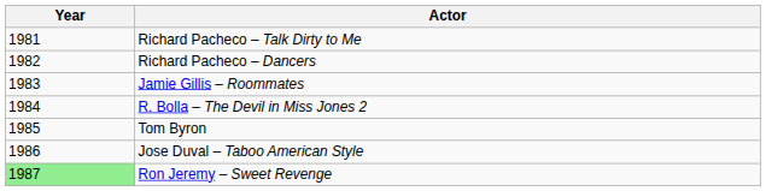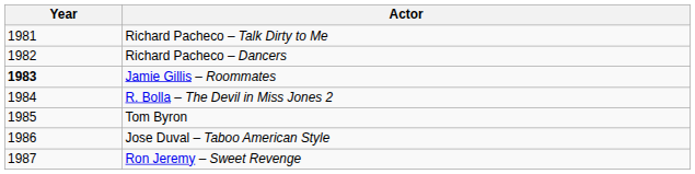 <table class=wikitable width="67%">
 <tr>
 <th width="15">Year</th>
 <th width="200">Actor</th>
 </tr>
 <tr>
 <td>1981</td>
 <td>Richard Pacheco – <em>Talk Dirty to Me</em></td>
 </tr>
 <tr>
 <td>1982</td>
 <td>Richard Pacheco – <em>Dancers</em></td>
 </tr>
 <tr>
-<td>1983</td>
+<td><strong>1983</strong></td>
 <td><a href='#'>Jamie Gillis</a> – <em>Roommates</em></td>
 </tr>
 <tr>
 <td>1984</td>
 <td><a href='#'>R. Bolla</a> – <em>The Devil in Miss Jones 2</em></td>
 </tr>
 <tr>
 <td>1985</td>
 <td>Tom Byron</td>
 </tr>
 <tr>
 <td>1986</td>
 <td>Jose Duval – <em>Taboo American Style</em></td>
 </tr>
 <tr>
-<td style="background: lightgreen;">1987</td>
+<td>1987</td>
 <td><a href='#'>Ron Jeremy</a> – <em>Sweet Revenge</em></td>
 </tr>
 </table>
